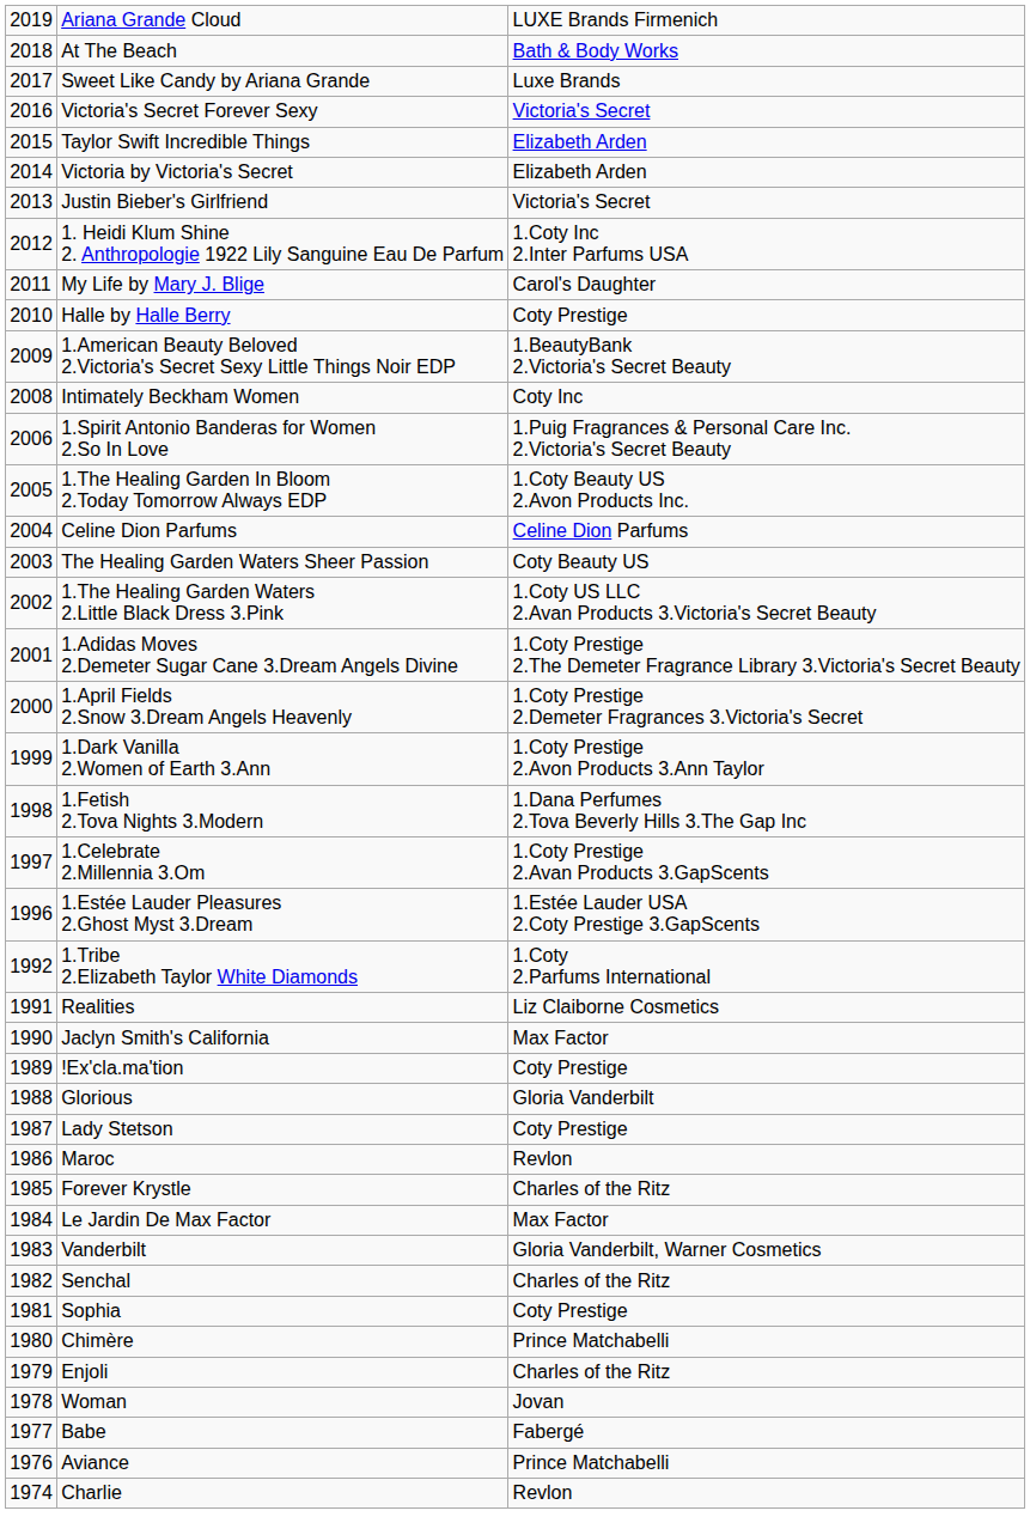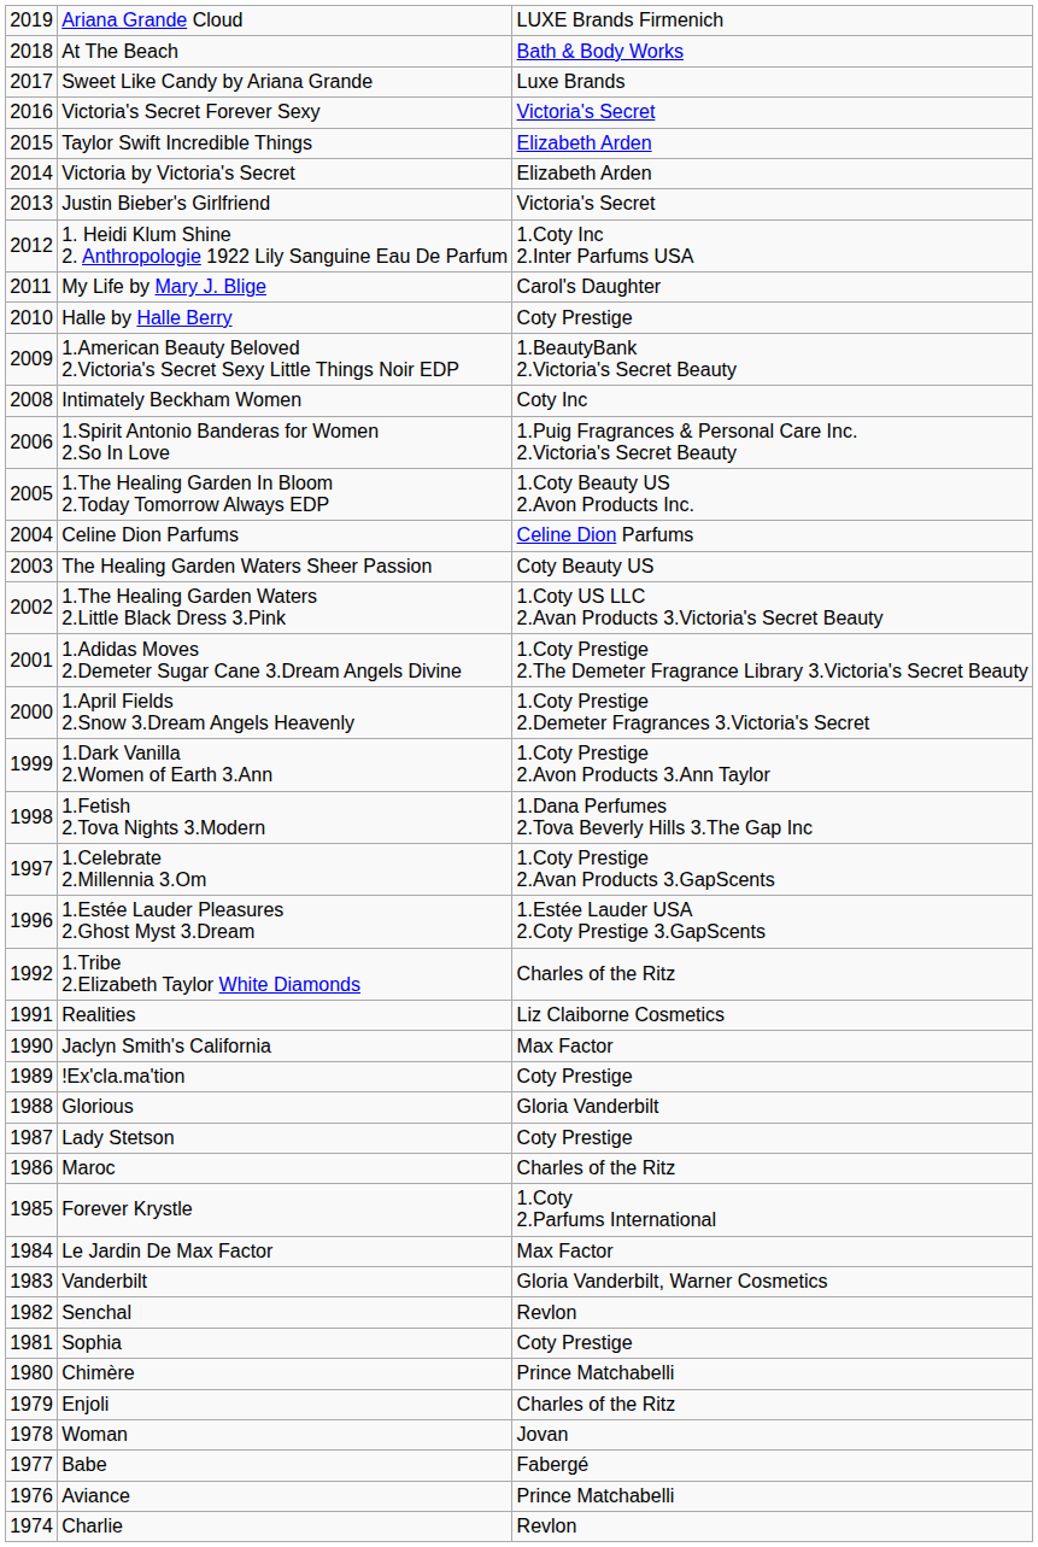 <table class="wikitable sortable">
 <tr>
 <td>2019</td>
 <td><a href='#'>Ariana Grande</a> Cloud</td>
 <td>LUXE Brands Firmenich</td>
 </tr>
 <tr>
 <td>2018</td>
 <td>At The Beach</td>
 <td><a href='#'>Bath & Body Works</a></td>
 </tr>
 <tr>
 <td>2017</td>
 <td>Sweet Like Candy by Ariana Grande</td>
 <td>Luxe Brands</td>
 </tr>
 <tr>
 <td>2016</td>
 <td>Victoria's Secret Forever Sexy</td>
 <td><a href='#'>Victoria's Secret</a></td>
 </tr>
 <tr>
 <td>2015</td>
 <td>Taylor Swift Incredible Things</td>
 <td><a href='#'>Elizabeth Arden</a></td>
 </tr>
 <tr>
 <td>2014</td>
 <td>Victoria by Victoria's Secret</td>
 <td>Elizabeth Arden</td>
 </tr>
 <tr>
 <td>2013</td>
 <td>Justin Bieber's Girlfriend</td>
 <td>Victoria's Secret</td>
 </tr>
 <tr>
 <td>2012</td>
 <td>1. Heidi Klum Shine<br>2. <a href='#'>Anthropologie</a> 1922 Lily Sanguine Eau De Parfum</td>
 <td>1.Coty Inc<br>2.Inter Parfums USA</td>
 </tr>
 <tr>
 <td>2011</td>
 <td>My Life by <a href='#'>Mary J. Blige</a></td>
 <td>Carol's Daughter</td>
 </tr>
 <tr>
 <td>2010</td>
 <td>Halle by <a href='#'>Halle Berry</a></td>
 <td>Coty Prestige</td>
 </tr>
 <tr>
 <td>2009</td>
 <td>1.American Beauty Beloved<br>2.Victoria's Secret Sexy Little Things Noir EDP</td>
 <td>1.BeautyBank<br>2.Victoria's Secret Beauty</td>
 </tr>
 <tr>
 <td>2008</td>
 <td>Intimately Beckham Women</td>
 <td>Coty Inc</td>
 </tr>
 <tr>
 <td>2006</td>
 <td>1.Spirit Antonio Banderas for Women<br>2.So In Love</td>
 <td>1.Puig Fragrances & Personal Care Inc.<br>2.Victoria's Secret Beauty</td>
 </tr>
 <tr>
 <td>2005</td>
 <td>1.The Healing Garden In Bloom<br>2.Today Tomorrow Always EDP</td>
 <td>1.Coty Beauty US<br>2.Avon Products Inc.</td>
 </tr>
 <tr>
 <td>2004</td>
 <td>Celine Dion Parfums</td>
 <td><a href='#'>Celine Dion</a> Parfums</td>
 </tr>
 <tr>
 <td>2003</td>
 <td>The Healing Garden Waters Sheer Passion</td>
 <td>Coty Beauty US</td>
 </tr>
 <tr>
 <td>2002</td>
 <td>1.The Healing Garden Waters<br>2.Little Black Dress 3.Pink</td>
 <td>1.Coty US LLC<br>2.Avan Products 3.Victoria's Secret Beauty</td>
 </tr>
 <tr>
 <td>2001</td>
 <td>1.Adidas Moves<br>2.Demeter Sugar Cane 3.Dream Angels Divine</td>
 <td>1.Coty Prestige<br>2.The Demeter Fragrance Library 3.Victoria's Secret Beauty</td>
 </tr>
 <tr>
 <td>2000</td>
 <td>1.April Fields<br>2.Snow 3.Dream Angels Heavenly</td>
 <td>1.Coty Prestige<br>2.Demeter Fragrances 3.Victoria's Secret</td>
 </tr>
 <tr>
 <td>1999</td>
 <td>1.Dark Vanilla<br>2.Women of Earth 3.Ann</td>
 <td>1.Coty Prestige<br>2.Avon Products 3.Ann Taylor</td>
 </tr>
 <tr>
 <td>1998</td>
 <td>1.Fetish<br>2.Tova Nights 3.Modern</td>
 <td>1.Dana Perfumes<br>2.Tova Beverly Hills 3.The Gap Inc</td>
 </tr>
 <tr>
 <td>1997</td>
 <td>1.Celebrate<br>2.Millennia 3.Om</td>
 <td>1.Coty Prestige<br>2.Avan Products  3.GapScents</td>
 </tr>
 <tr>
 <td>1996</td>
 <td>1.Estée Lauder Pleasures<br>2.Ghost Myst 3.Dream</td>
 <td>1.Estée Lauder USA<br>2.Coty Prestige 3.GapScents</td>
 </tr>
 <tr>
 <td>1992</td>
 <td>1.Tribe<br>2.Elizabeth Taylor <a href='#'>White Diamonds</a></td>
-<td>1.Coty<br>2.Parfums International</td>
+<td>Charles of the Ritz</td>
 </tr>
 <tr>
 <td>1991</td>
 <td>Realities</td>
 <td>Liz Claiborne Cosmetics</td>
 </tr>
 <tr>
 <td>1990</td>
 <td>Jaclyn Smith's California</td>
 <td>Max Factor</td>
 </tr>
 <tr>
 <td>1989</td>
 <td>!Ex'cla.ma'tion</td>
 <td>Coty Prestige</td>
 </tr>
 <tr>
 <td>1988</td>
 <td>Glorious</td>
 <td>Gloria Vanderbilt</td>
 </tr>
 <tr>
 <td>1987</td>
 <td>Lady Stetson</td>
 <td>Coty Prestige</td>
 </tr>
 <tr>
 <td>1986</td>
 <td>Maroc</td>
-<td>Revlon</td>
+<td>Charles of the Ritz</td>
 </tr>
 <tr>
 <td>1985</td>
 <td>Forever Krystle</td>
-<td>Charles of the Ritz</td>
+<td>1.Coty<br>2.Parfums International</td>
 </tr>
 <tr>
 <td>1984</td>
 <td>Le Jardin De Max Factor</td>
 <td>Max Factor</td>
 </tr>
 <tr>
 <td>1983</td>
 <td>Vanderbilt</td>
 <td>Gloria Vanderbilt, Warner Cosmetics</td>
 </tr>
 <tr>
 <td>1982</td>
 <td>Senchal</td>
-<td>Charles of the Ritz</td>
+<td>Revlon</td>
 </tr>
 <tr>
 <td>1981</td>
 <td>Sophia</td>
 <td>Coty Prestige</td>
 </tr>
 <tr>
 <td>1980</td>
 <td>Chimère</td>
 <td>Prince Matchabelli</td>
 </tr>
 <tr>
 <td>1979</td>
 <td>Enjoli</td>
 <td>Charles of the Ritz</td>
 </tr>
 <tr>
 <td>1978</td>
 <td>Woman</td>
 <td>Jovan</td>
 </tr>
 <tr>
 <td>1977</td>
 <td>Babe</td>
 <td>Fabergé</td>
 </tr>
 <tr>
 <td>1976</td>
 <td>Aviance</td>
 <td>Prince Matchabelli</td>
 </tr>
 <tr>
 <td>1974</td>
 <td>Charlie</td>
 <td>Revlon</td>
 </tr>
 </table>
